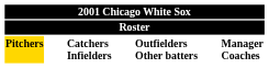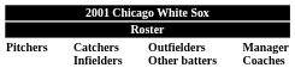 <table class="toccolours" style="font-size: 95%;">
 <tr>
 <th colspan="10" style="background-color: black; color: #FFFFFF; text-align: center;">2001 Chicago White Sox</th>
 </tr>
 <tr>
 <td colspan="10" style="background-color:black; color: white; text-align: center;"><strong>Roster</strong></td>
 </tr>
 <tr>
-<td valign="top" style="background: gold;"><strong>Pitchers</strong><br>                    </td>
+<td valign="top"><strong>Pitchers</strong><br>                    </td>
 <td width="25px"></td>
 <td valign="top"><strong>Catchers</strong><br>    <strong>Infielders</strong>        </td>
 <td width="25px"></td>
 <td valign="top"><strong>Outfielders</strong><br>        <strong>Other batters</strong> </td>
 <td width="25px"></td>
 <td valign="top"><strong>Manager</strong><br> <strong>Coaches</strong>          </td>
 </tr>
 </table>
